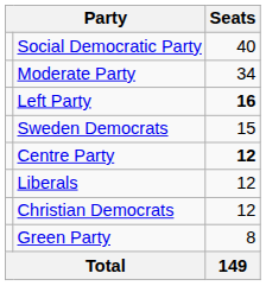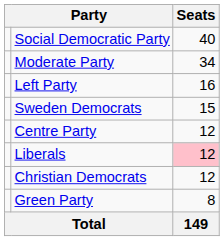 <table class="wikitable">
 <tr>
 <th colspan="2">Party</th>
 <th>Seats</th>
 </tr>
 <tr>
 <td></td>
 <td><a href='#'>Social Democratic Party</a></td>
 <td align="right">40</td>
 </tr>
 <tr>
 <td></td>
 <td><a href='#'>Moderate Party</a></td>
 <td align="right">34</td>
 </tr>
 <tr>
 <td></td>
 <td><a href='#'>Left Party</a></td>
-<td align="right"><strong>16</strong></td>
+<td align="right">16</td>
 </tr>
 <tr>
 <td></td>
 <td><a href='#'>Sweden Democrats</a></td>
 <td align="right">15</td>
 </tr>
 <tr>
 <td></td>
 <td><a href='#'>Centre Party</a></td>
-<td align="right"><strong>12</strong></td>
+<td align="right">12</td>
 </tr>
 <tr>
 <td></td>
 <td><a href='#'>Liberals</a></td>
-<td align="right">12</td>
+<td align="right" style="background: pink;">12</td>
 </tr>
 <tr>
 <td></td>
 <td><a href='#'>Christian Democrats</a></td>
 <td align="right">12</td>
 </tr>
 <tr>
 <td></td>
 <td><a href='#'>Green Party</a></td>
 <td align="right">8</td>
 </tr>
 <tr>
 <th colspan="2">Total</th>
 <th align="right">149</th>
 </tr>
 </table>
